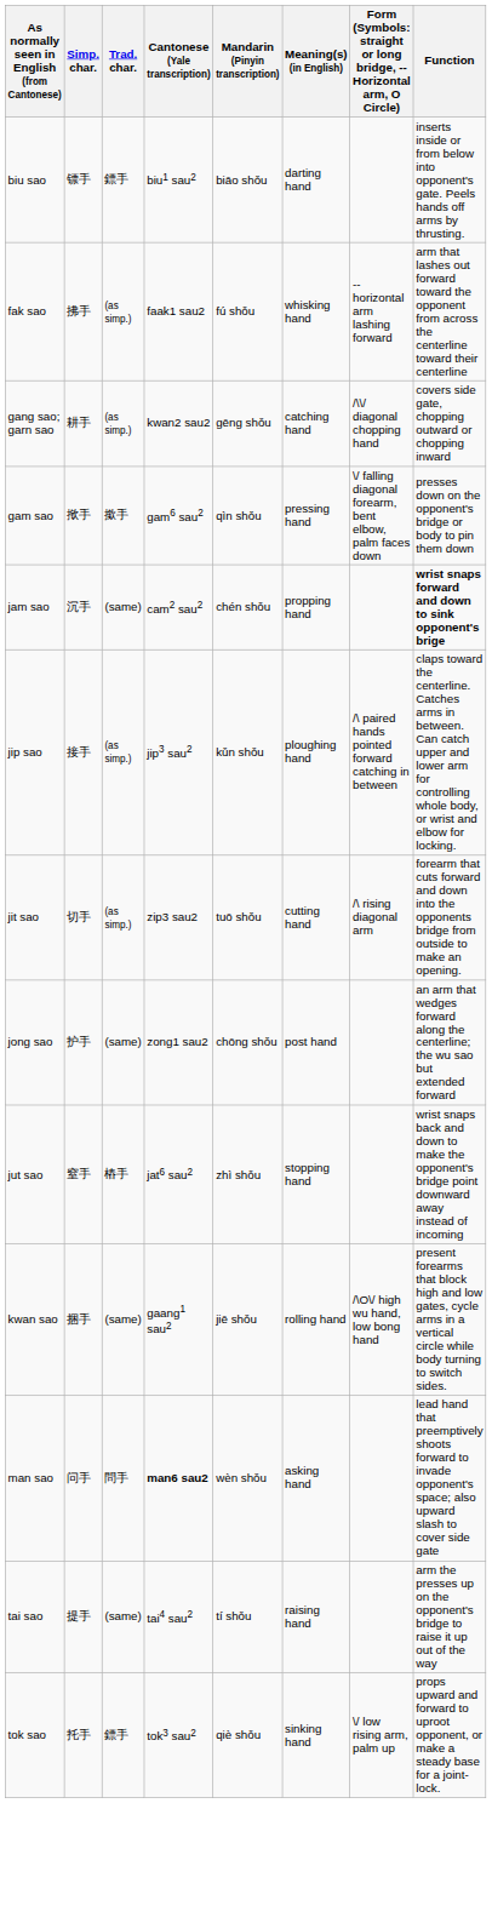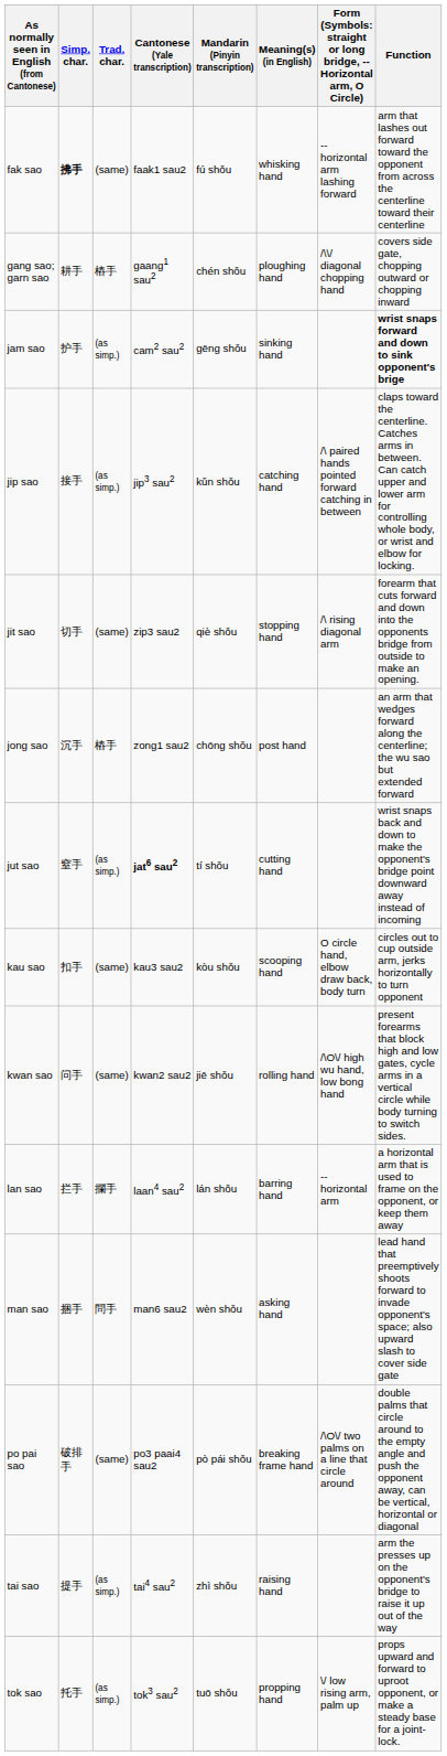 <table class="wikitable">
 <tr>
 <th>As normally<br>seen in English<br><small>(from Cantonese)</small></th>
 <th><a href='#'>Simp.</a><br>char.</th>
 <th><a href='#'>Trad.</a><br>char.</th>
 <th>Cantonese <br><small>(Yale<br>transcription)</small></th>
 <th>Mandarin <br><small>(Pinyin<br>transcription)</small></th>
 <th>Meaning(s) <br><small>(in English)</small></th>
 <th>Form (Symbols:<br> straight or long bridge, -- Horizontal arm, O Circle)</th>
 <th>Function</th>
 </tr>
 <tr>
-<td>biu sao</td>
-<td>镖手</td>
-<td>鏢手</td>
-<td>biu<sup>1</sup> sau<sup>2</sup></td>
-<td>biāo shǒu</td>
-<td>darting hand</td>
-<td></td>
-<td>inserts inside or from below into opponent's gate. Peels hands off arms by thrusting.</td>
-</tr>
-<tr>
 <td>fak sao</td>
-<td>拂手</td>
-<td><small>(as simp.)</small></td>
+<td><strong>拂手</strong></td>
+<td>(same)</td>
 <td>faak1 sau2</td>
 <td>fú shǒu</td>
 <td>whisking hand</td>
 <td>-- horizontal arm lashing forward</td>
 <td>arm that lashes out forward toward the opponent from across the centerline toward their centerline</td>
 </tr>
 <tr>
 <td>gang sao; garn sao</td>
 <td>耕手</td>
-<td><small>(as simp.)</small></td>
-<td>kwan2 sau2</td>
-<td>gēng shǒu</td>
-<td>catching hand</td>
+<td>樁手</td>
+<td>gaang<sup>1</sup> sau<sup>2</sup></td>
+<td>chén shǒu</td>
+<td>ploughing hand</td>
 <td>/\\/ diagonal chopping hand</td>
 <td>covers side gate, chopping outward or chopping inward</td>
 </tr>
 <tr>
-<td>gam sao</td>
-<td>揿手</td>
-<td>撳手</td>
-<td>gam<sup>6</sup> sau<sup>2</sup></td>
-<td>qìn shǒu</td>
-<td>pressing hand</td>
-<td>\/ falling diagonal forearm, bent elbow, palm faces down</td>
-<td>presses down on the opponent's bridge or body to pin them down</td>
-</tr>
-<tr>
 <td>jam sao</td>
-<td>沉手</td>
-<td>(same)</td>
+<td>护手</td>
+<td><small>(as simp.)</small></td>
 <td>cam<sup>2</sup> sau<sup>2</sup></td>
-<td>chén shǒu</td>
-<td>propping hand</td>
+<td>gēng shǒu</td>
+<td>sinking hand</td>
 <td></td>
 <td><strong>wrist snaps forward and down to sink opponent's brige</strong></td>
 </tr>
 <tr>
 <td>jip sao</td>
 <td>接手</td>
 <td><small>(as simp.)</small></td>
 <td>jip<sup>3</sup> sau<sup>2</sup></td>
 <td>kǔn shǒu</td>
-<td>ploughing hand</td>
+<td>catching hand</td>
 <td>/\ paired hands pointed forward catching in between</td>
 <td>claps toward the centerline. Catches arms in between. Can catch upper and lower arm for controlling whole body, or wrist and elbow for locking.</td>
 </tr>
 <tr>
 <td>jit sao</td>
 <td>切手</td>
-<td><small>(as simp.)</small></td>
+<td>(same)</td>
 <td>zip3 sau2</td>
-<td>tuō shǒu</td>
-<td>cutting hand</td>
+<td>qiè shǒu</td>
+<td>stopping hand</td>
 <td>/\ rising diagonal arm</td>
 <td>forearm that cuts forward and down into the opponents bridge from outside to make an opening.</td>
 </tr>
 <tr>
 <td>jong sao</td>
-<td>护手</td>
-<td>(same)</td>
+<td>沉手</td>
+<td>樁手</td>
 <td>zong1 sau2</td>
 <td>chōng shǒu</td>
 <td>post hand</td>
 <td></td>
 <td>an arm that wedges forward along the centerline; the wu sao but extended forward</td>
 </tr>
 <tr>
 <td>jut sao</td>
 <td>窒手</td>
-<td>樁手</td>
-<td>jat<sup>6</sup> sau<sup>2</sup></td>
-<td>zhì shǒu</td>
-<td>stopping hand</td>
+<td><small>(as simp.)</small></td>
+<td><strong>jat<sup>6</sup> sau<sup>2</sup></strong></td>
+<td>tí shǒu</td>
+<td>cutting hand</td>
 <td></td>
 <td>wrist snaps back and down to make the opponent's bridge point downward away instead of incoming</td>
 </tr>
 <tr>
+<td>kau sao</td>
+<td>扣手</td>
+<td>(same)</td>
+<td>kau3 sau2</td>
+<td>kòu shǒu</td>
+<td>scooping hand</td>
+<td>O circle hand, elbow draw back, body turn</td>
+<td>circles out to cup outside arm, jerks horizontally to turn opponent</td>
+</tr>
+<tr>
 <td>kwan sao</td>
-<td>捆手</td>
+<td>问手</td>
 <td>(same)</td>
-<td>gaang<sup>1</sup> sau<sup>2</sup></td>
+<td>kwan2 sau2</td>
 <td>jiē shǒu</td>
 <td>rolling hand</td>
 <td>/\O\/ high wu hand, low bong hand</td>
 <td>present forearms that block high and low gates, cycle arms in a vertical circle while body turning to switch sides.</td>
 </tr>
 <tr>
+<td>lan sao</td>
+<td>拦手</td>
+<td>攔手</td>
+<td>laan<sup>4</sup> sau<sup>2</sup></td>
+<td>lán shǒu</td>
+<td>barring hand</td>
+<td>-- horizontal arm</td>
+<td>a horizontal arm that is used to frame on the opponent, or keep them away</td>
+</tr>
+<tr>
 <td>man sao</td>
-<td>问手</td>
+<td>捆手</td>
 <td>問手</td>
-<td><strong>man6 sau2</strong></td>
+<td>man6 sau2</td>
 <td>wèn shǒu</td>
 <td>asking hand</td>
 <td></td>
 <td>lead hand that preemptively shoots forward to invade opponent's space; also upward slash to cover side gate</td>
 </tr>
 <tr>
+<td>po pai sao</td>
+<td>破排手</td>
+<td>(same)</td>
+<td>po3 paai4 sau2</td>
+<td>pò pái shǒu</td>
+<td>breaking frame hand</td>
+<td>/\O\/ two palms on a line that circle around</td>
+<td>double palms that circle around to the empty angle and push the opponent away, can be vertical, horizontal or diagonal</td>
+</tr>
+<tr>
 <td>tai sao</td>
 <td>提手</td>
-<td>(same)</td>
+<td><small>(as simp.)</small></td>
 <td>tai<sup>4</sup> sau<sup>2</sup></td>
-<td>tí shǒu</td>
+<td>zhì shǒu</td>
 <td>raising hand</td>
 <td></td>
 <td>arm the presses up on the opponent's bridge to raise it up out of the way</td>
 </tr>
 <tr>
 <td>tok sao</td>
 <td>托手</td>
-<td>鏢手</td>
+<td><small>(as simp.)</small></td>
 <td>tok<sup>3</sup> sau<sup>2</sup></td>
-<td>qiè shǒu</td>
-<td>sinking hand</td>
+<td>tuō shǒu</td>
+<td>propping hand</td>
 <td>\/ low rising arm, palm up</td>
 <td>props upward and forward to uproot opponent, or make a steady base for a joint-lock.</td>
 </tr>
 </table>
